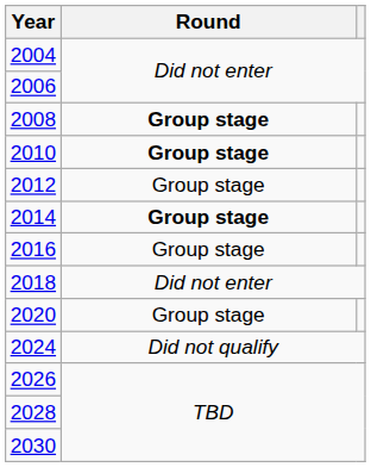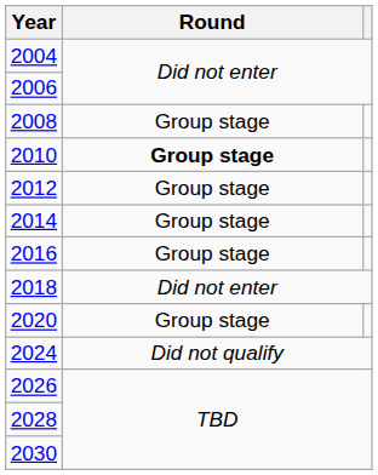 <table class="wikitable" style="text-align: center; font-size:90%">
 <tr>
 <th>Year</th>
 <th style="width:200px">Round</th>
 <th></th>
 </tr>
 <tr>
 <td><a href='#'>2004</a></td>
 <td colspan="2" rowspan="2"><em>Did not enter</em></td>
 </tr>
 <tr>
 <td><a href='#'>2006</a></td>
 </tr>
 <tr>
 <td><a href='#'>2008</a></td>
-<td><strong>Group stage</strong></td>
+<td>Group stage</td>
 <td></td>
 </tr>
 <tr>
 <td><a href='#'>2010</a></td>
 <td><strong>Group stage</strong></td>
 <td></td>
 </tr>
 <tr>
 <td><a href='#'>2012</a></td>
 <td>Group stage</td>
 <td></td>
 </tr>
 <tr>
 <td><a href='#'>2014</a></td>
-<td><strong>Group stage</strong></td>
+<td>Group stage</td>
 <td></td>
 </tr>
 <tr>
 <td><a href='#'>2016</a></td>
 <td>Group stage</td>
 <td></td>
 </tr>
 <tr>
 <td><a href='#'>2018</a></td>
 <td colspan="2"><em>Did not enter</em></td>
 </tr>
 <tr>
 <td><a href='#'>2020</a></td>
 <td>Group stage</td>
 <td></td>
 </tr>
 <tr>
 <td><a href='#'>2024</a></td>
 <td colspan="2"><em>Did not qualify</em></td>
 </tr>
 <tr>
 <td><a href='#'>2026</a></td>
 <td colspan="2" rowspan="3"><em>TBD</em></td>
 </tr>
 <tr>
 <td><a href='#'>2028</a></td>
 </tr>
 <tr>
 <td><a href='#'>2030</a></td>
 </tr>
 </table>
